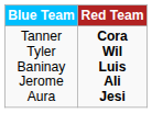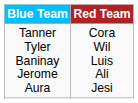 <table class="wikitable" style="text-align:center; font-size:100%; line-height:18px;">
 <tr>
 <th style="background:#00BFFF; color:#ffffff">Blue Team</th>
 <th style="background:#B22222; color:#ffffff">Red Team</th>
 </tr>
 <tr>
 <td>Tanner<br>Tyler<br>Baninay<br>Jerome<br>Aura</td>
-<td><strong>Cora<br>Wil<br>Luis<br>Ali<br>Jesi</strong></td>
+<td>Cora<br>Wil<br>Luis<br>Ali<br>Jesi</td>
 </tr>
 </table>
